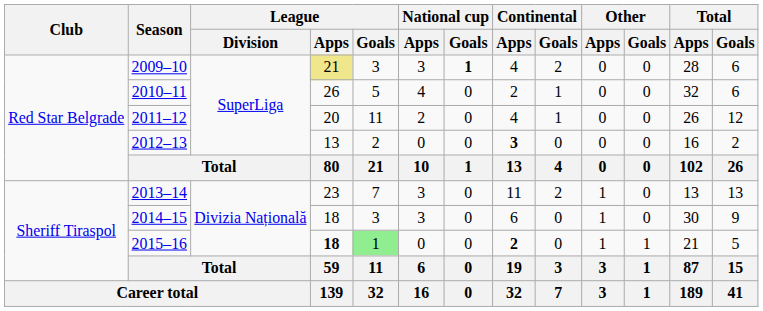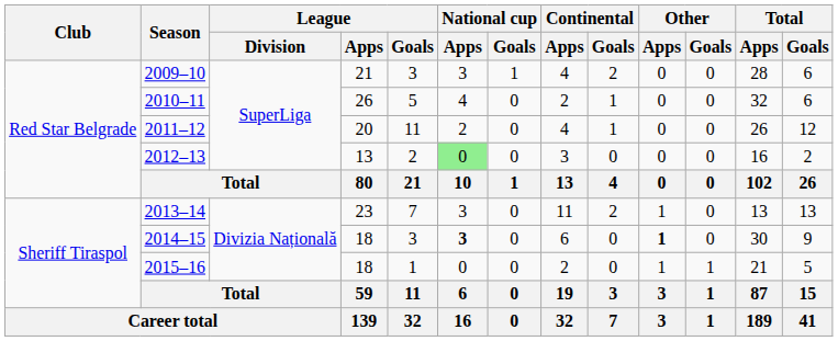 <table class="wikitable" style="text-align: center;">
 <tr>
 <th rowspan="2">Club</th>
 <th rowspan="2">Season</th>
 <th colspan="3">League</th>
 <th colspan="2">National cup</th>
 <th colspan="2">Continental</th>
 <th colspan="2">Other</th>
 <th colspan="2">Total</th>
 </tr>
 <tr>
 <th>Division</th>
 <th>Apps</th>
 <th>Goals</th>
 <th>Apps</th>
 <th>Goals</th>
 <th>Apps</th>
 <th>Goals</th>
 <th>Apps</th>
 <th>Goals</th>
 <th>Apps</th>
 <th>Goals</th>
 </tr>
 <tr>
 <td rowspan="5"><a href='#'>Red Star Belgrade</a></td>
 <td><a href='#'>2009–10</a></td>
 <td rowspan="4"><a href='#'>SuperLiga</a></td>
-<td style="background: khaki;">21</td>
+<td>21</td>
 <td>3</td>
 <td>3</td>
-<td><strong>1</strong></td>
+<td>1</td>
 <td>4</td>
 <td>2</td>
 <td>0</td>
 <td>0</td>
 <td>28</td>
 <td>6</td>
 </tr>
 <tr>
 <td><a href='#'>2010–11</a></td>
 <td>26</td>
 <td>5</td>
 <td>4</td>
 <td>0</td>
 <td>2</td>
 <td>1</td>
 <td>0</td>
 <td>0</td>
 <td>32</td>
 <td>6</td>
 </tr>
 <tr>
 <td><a href='#'>2011–12</a></td>
 <td>20</td>
 <td>11</td>
 <td>2</td>
 <td>0</td>
 <td>4</td>
 <td>1</td>
 <td>0</td>
 <td>0</td>
 <td>26</td>
 <td>12</td>
 </tr>
 <tr>
 <td><a href='#'>2012–13</a></td>
 <td>13</td>
 <td>2</td>
+<td style="background: lightgreen;">0</td>
 <td>0</td>
-<td>0</td>
-<td><strong>3</strong></td>
+<td>3</td>
 <td>0</td>
 <td>0</td>
 <td>0</td>
 <td>16</td>
 <td>2</td>
 </tr>
 <tr>
 <th colspan="2">Total</th>
 <th>80</th>
 <th>21</th>
 <th>10</th>
 <th>1</th>
 <th>13</th>
 <th>4</th>
 <th>0</th>
 <th>0</th>
 <th>102</th>
 <th>26</th>
 </tr>
 <tr>
 <td rowspan="4"><a href='#'>Sheriff Tiraspol</a></td>
 <td><a href='#'>2013–14</a></td>
 <td rowspan="3"><a href='#'>Divizia Națională</a></td>
 <td>23</td>
 <td>7</td>
 <td>3</td>
 <td>0</td>
 <td>11</td>
 <td>2</td>
 <td>1</td>
 <td>0</td>
 <td>13</td>
 <td>13</td>
 </tr>
 <tr>
 <td><a href='#'>2014–15</a></td>
 <td>18</td>
 <td>3</td>
-<td>3</td>
+<td><strong>3</strong></td>
 <td>0</td>
 <td>6</td>
 <td>0</td>
-<td>1</td>
+<td><strong>1</strong></td>
 <td>0</td>
 <td>30</td>
 <td>9</td>
 </tr>
 <tr>
 <td><a href='#'>2015–16</a></td>
-<td><strong>18</strong></td>
-<td style="background: lightgreen;">1</td>
+<td>18</td>
+<td>1</td>
 <td>0</td>
 <td>0</td>
-<td><strong>2</strong></td>
+<td>2</td>
 <td>0</td>
 <td>1</td>
 <td>1</td>
 <td>21</td>
 <td>5</td>
 </tr>
 <tr>
 <th colspan="2">Total</th>
 <th>59</th>
 <th>11</th>
 <th>6</th>
 <th>0</th>
 <th>19</th>
 <th>3</th>
 <th>3</th>
 <th>1</th>
 <th>87</th>
 <th>15</th>
 </tr>
 <tr>
 <th colspan="3">Career total</th>
 <th>139</th>
 <th>32</th>
 <th>16</th>
 <th>0</th>
 <th>32</th>
 <th>7</th>
 <th>3</th>
 <th>1</th>
 <th>189</th>
 <th>41</th>
 </tr>
 </table>
